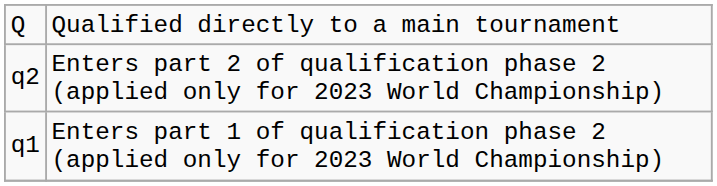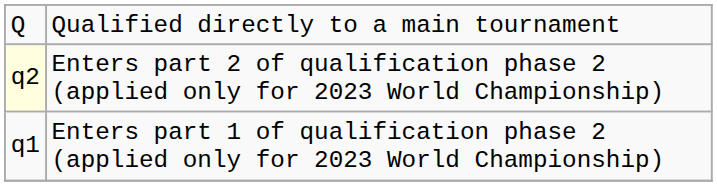 <table class="wikitable">
 <tr>
 <td width=15px>Q</td>
 <td width=350px>Qualified directly to a main tournament</td>
 </tr>
 <tr>
-<td width=15px>q2</td>
+<td width=15px style="background: lightyellow;">q2</td>
 <td>Enters part 2 of qualification phase 2 (applied only for 2023 World Championship)</td>
 </tr>
 <tr>
 <td width=15px>q1</td>
 <td>Enters part 1 of qualification phase 2 (applied only for 2023 World Championship)</td>
 </tr>
 <tr>
 </tr>
 </table>
